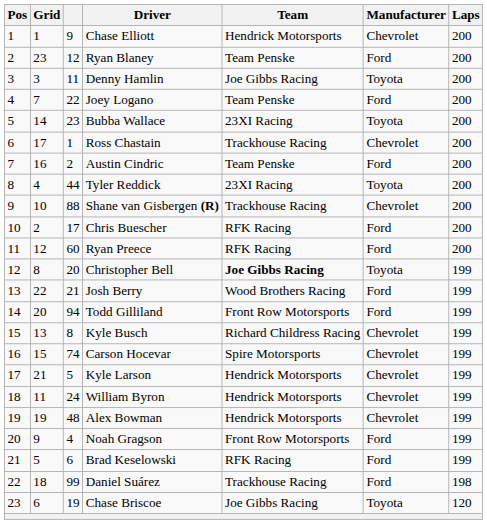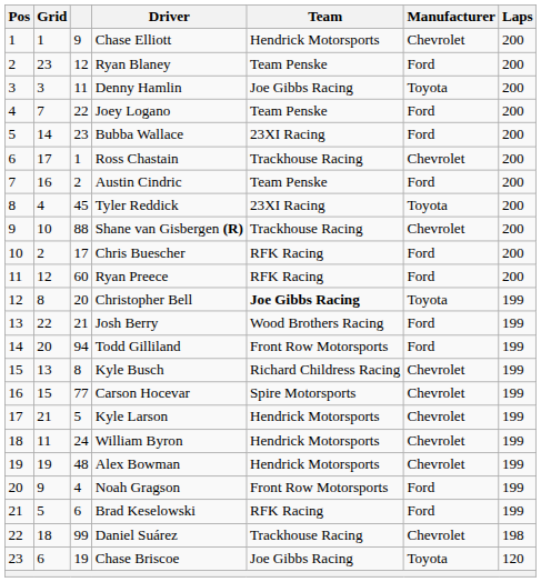 <table class="wikitable" style="font-size:98%">
 <tr>
 <th>Pos</th>
 <th>Grid</th>
 <th></th>
 <th>Driver</th>
 <th>Team</th>
 <th>Manufacturer</th>
 <th>Laps</th>
 </tr>
 <tr>
 <td>1</td>
 <td>1</td>
 <td>9</td>
 <td>Chase Elliott</td>
 <td>Hendrick Motorsports</td>
 <td>Chevrolet</td>
 <td>200</td>
 </tr>
 <tr>
 <td>2</td>
 <td>23</td>
 <td>12</td>
 <td>Ryan Blaney</td>
 <td>Team Penske</td>
 <td>Ford</td>
 <td>200</td>
 </tr>
 <tr>
 <td>3</td>
 <td>3</td>
 <td>11</td>
 <td>Denny Hamlin</td>
 <td>Joe Gibbs Racing</td>
 <td>Toyota</td>
 <td>200</td>
 </tr>
 <tr>
 <td>4</td>
 <td>7</td>
 <td>22</td>
 <td>Joey Logano</td>
 <td>Team Penske</td>
 <td>Ford</td>
 <td>200</td>
 </tr>
 <tr>
 <td>5</td>
 <td>14</td>
 <td>23</td>
 <td>Bubba Wallace</td>
 <td>23XI Racing</td>
-<td>Toyota</td>
+<td>Ford</td>
 <td>200</td>
 </tr>
 <tr>
 <td>6</td>
 <td>17</td>
 <td>1</td>
 <td>Ross Chastain</td>
 <td>Trackhouse Racing</td>
 <td>Chevrolet</td>
 <td>200</td>
 </tr>
 <tr>
 <td>7</td>
 <td>16</td>
 <td>2</td>
 <td>Austin Cindric</td>
 <td>Team Penske</td>
 <td>Ford</td>
 <td>200</td>
 </tr>
 <tr>
 <td>8</td>
 <td>4</td>
-<td>44</td>
+<td>45</td>
 <td>Tyler Reddick</td>
 <td>23XI Racing</td>
 <td>Toyota</td>
 <td>200</td>
 </tr>
 <tr>
 <td>9</td>
 <td>10</td>
 <td>88</td>
 <td>Shane van Gisbergen <strong>(R)</strong></td>
 <td>Trackhouse Racing</td>
 <td>Chevrolet</td>
 <td>200</td>
 </tr>
 <tr>
 <td>10</td>
 <td>2</td>
 <td>17</td>
 <td>Chris Buescher</td>
 <td>RFK Racing</td>
 <td>Ford</td>
 <td>200</td>
 </tr>
 <tr>
 <td>11</td>
 <td>12</td>
 <td>60</td>
 <td>Ryan Preece</td>
 <td>RFK Racing</td>
 <td>Ford</td>
 <td>200</td>
 </tr>
 <tr>
 <td>12</td>
 <td>8</td>
 <td>20</td>
 <td>Christopher Bell</td>
 <td><strong>Joe Gibbs Racing</strong></td>
 <td>Toyota</td>
 <td>199</td>
 </tr>
 <tr>
 <td>13</td>
 <td>22</td>
 <td>21</td>
 <td>Josh Berry</td>
 <td>Wood Brothers Racing</td>
 <td>Ford</td>
 <td>199</td>
 </tr>
 <tr>
 <td>14</td>
 <td>20</td>
 <td>94</td>
 <td>Todd Gilliland</td>
 <td>Front Row Motorsports</td>
 <td>Ford</td>
 <td>199</td>
 </tr>
 <tr>
 <td>15</td>
 <td>13</td>
 <td>8</td>
 <td>Kyle Busch</td>
 <td>Richard Childress Racing</td>
 <td>Chevrolet</td>
 <td>199</td>
 </tr>
 <tr>
 <td>16</td>
 <td>15</td>
-<td>74</td>
+<td>77</td>
 <td>Carson Hocevar</td>
 <td>Spire Motorsports</td>
 <td>Chevrolet</td>
 <td>199</td>
 </tr>
 <tr>
 <td>17</td>
 <td>21</td>
 <td>5</td>
 <td>Kyle Larson</td>
 <td>Hendrick Motorsports</td>
 <td>Chevrolet</td>
 <td>199</td>
 </tr>
 <tr>
 <td>18</td>
 <td>11</td>
 <td>24</td>
 <td>William Byron</td>
 <td>Hendrick Motorsports</td>
 <td>Chevrolet</td>
 <td>199</td>
 </tr>
 <tr>
 <td>19</td>
 <td>19</td>
 <td>48</td>
 <td>Alex Bowman</td>
 <td>Hendrick Motorsports</td>
 <td>Chevrolet</td>
 <td>199</td>
 </tr>
 <tr>
 <td>20</td>
 <td>9</td>
 <td>4</td>
 <td>Noah Gragson</td>
 <td>Front Row Motorsports</td>
 <td>Ford</td>
 <td>199</td>
 </tr>
 <tr>
 <td>21</td>
 <td>5</td>
 <td>6</td>
 <td>Brad Keselowski</td>
 <td>RFK Racing</td>
 <td>Ford</td>
 <td>199</td>
 </tr>
 <tr>
 <td>22</td>
 <td>18</td>
 <td>99</td>
 <td>Daniel Suárez</td>
 <td>Trackhouse Racing</td>
-<td>Ford</td>
+<td>Chevrolet</td>
 <td>198</td>
 </tr>
 <tr>
 <td>23</td>
 <td>6</td>
 <td>19</td>
 <td>Chase Briscoe</td>
 <td>Joe Gibbs Racing</td>
 <td>Toyota</td>
 <td>120</td>
 </tr>
 <tr>
 <th colspan="7"></th>
 </tr>
 </table>
